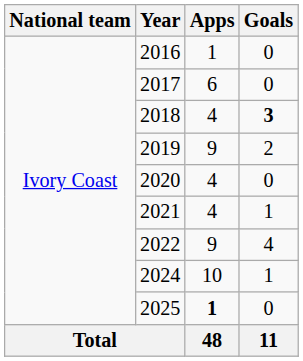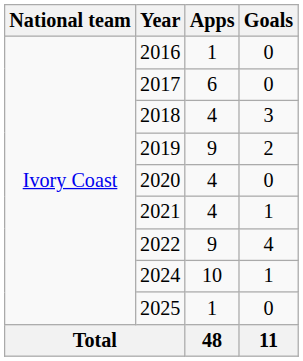 <table class="wikitable" style="text-align: center;">
 <tr>
 <th>National team</th>
 <th>Year</th>
 <th>Apps</th>
 <th>Goals</th>
 </tr>
 <tr>
 <td rowspan="9"><a href='#'>Ivory Coast</a></td>
 <td>2016</td>
 <td>1</td>
 <td>0</td>
 </tr>
 <tr>
 <td>2017</td>
 <td>6</td>
 <td>0</td>
 </tr>
 <tr>
 <td>2018</td>
 <td>4</td>
-<td><strong>3</strong></td>
+<td>3</td>
 </tr>
 <tr>
 <td>2019</td>
 <td>9</td>
 <td>2</td>
 </tr>
 <tr>
 <td>2020</td>
 <td>4</td>
 <td>0</td>
 </tr>
 <tr>
 <td>2021</td>
 <td>4</td>
 <td>1</td>
 </tr>
 <tr>
 <td>2022</td>
 <td>9</td>
 <td>4</td>
 </tr>
 <tr>
 <td>2024</td>
 <td>10</td>
 <td>1</td>
 </tr>
 <tr>
 <td>2025</td>
-<td><strong>1</strong></td>
+<td>1</td>
 <td>0</td>
 </tr>
 <tr>
 <th colspan="2">Total</th>
 <th>48</th>
 <th>11</th>
 </tr>
 </table>
